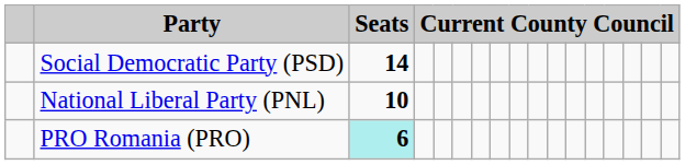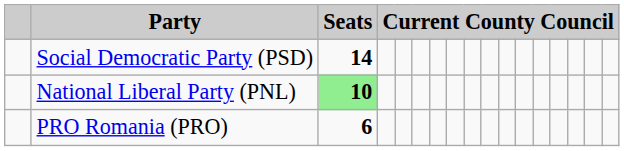 <table class="wikitable">
 <tr>
 <th style="background:#ccc">   </th>
 <th style="background:#ccc">Party</th>
 <th style="background:#ccc">Seats</th>
 <th style="background:#ccc" colspan="14">Current County Council</th>
 </tr>
 <tr>
 <td>  </td>
 <td><a href='#'>Social Democratic Party</a> (PSD)</td>
 <td style="text-align: right"><strong>14</strong></td>
 <td>  </td>
 <td>  </td>
 <td>  </td>
 <td>  </td>
 <td>  </td>
 <td>  </td>
 <td>  </td>
 <td>  </td>
 <td>  </td>
 <td>  </td>
 <td>  </td>
 <td>  </td>
 <td>  </td>
 <td>  </td>
 </tr>
 <tr>
 <td>  </td>
 <td><a href='#'>National Liberal Party</a> (PNL)</td>
-<td style="text-align: right"><strong>10</strong></td>
+<td style="background: lightgreen; text-align: right"><strong>10</strong></td>
 <td>  </td>
 <td>  </td>
 <td>  </td>
 <td>  </td>
 <td>  </td>
 <td>  </td>
 <td>  </td>
 <td>  </td>
 <td>  </td>
 <td>  </td>
 <td> </td>
 <td> </td>
 <td> </td>
 <td> </td>
 </tr>
 <tr>
 <td>  </td>
 <td><a href='#'>PRO Romania</a> (PRO)</td>
-<td style="background: paleturquoise; text-align: right"><strong>6</strong></td>
+<td style="text-align: right"><strong>6</strong></td>
 <td>  </td>
 <td>  </td>
 <td>  </td>
 <td>  </td>
 <td>  </td>
 <td>  </td>
 <td> </td>
 <td> </td>
 <td> </td>
 <td> </td>
 <td> </td>
 <td> </td>
 <td> </td>
 <td> </td>
 </tr>
 </table>
